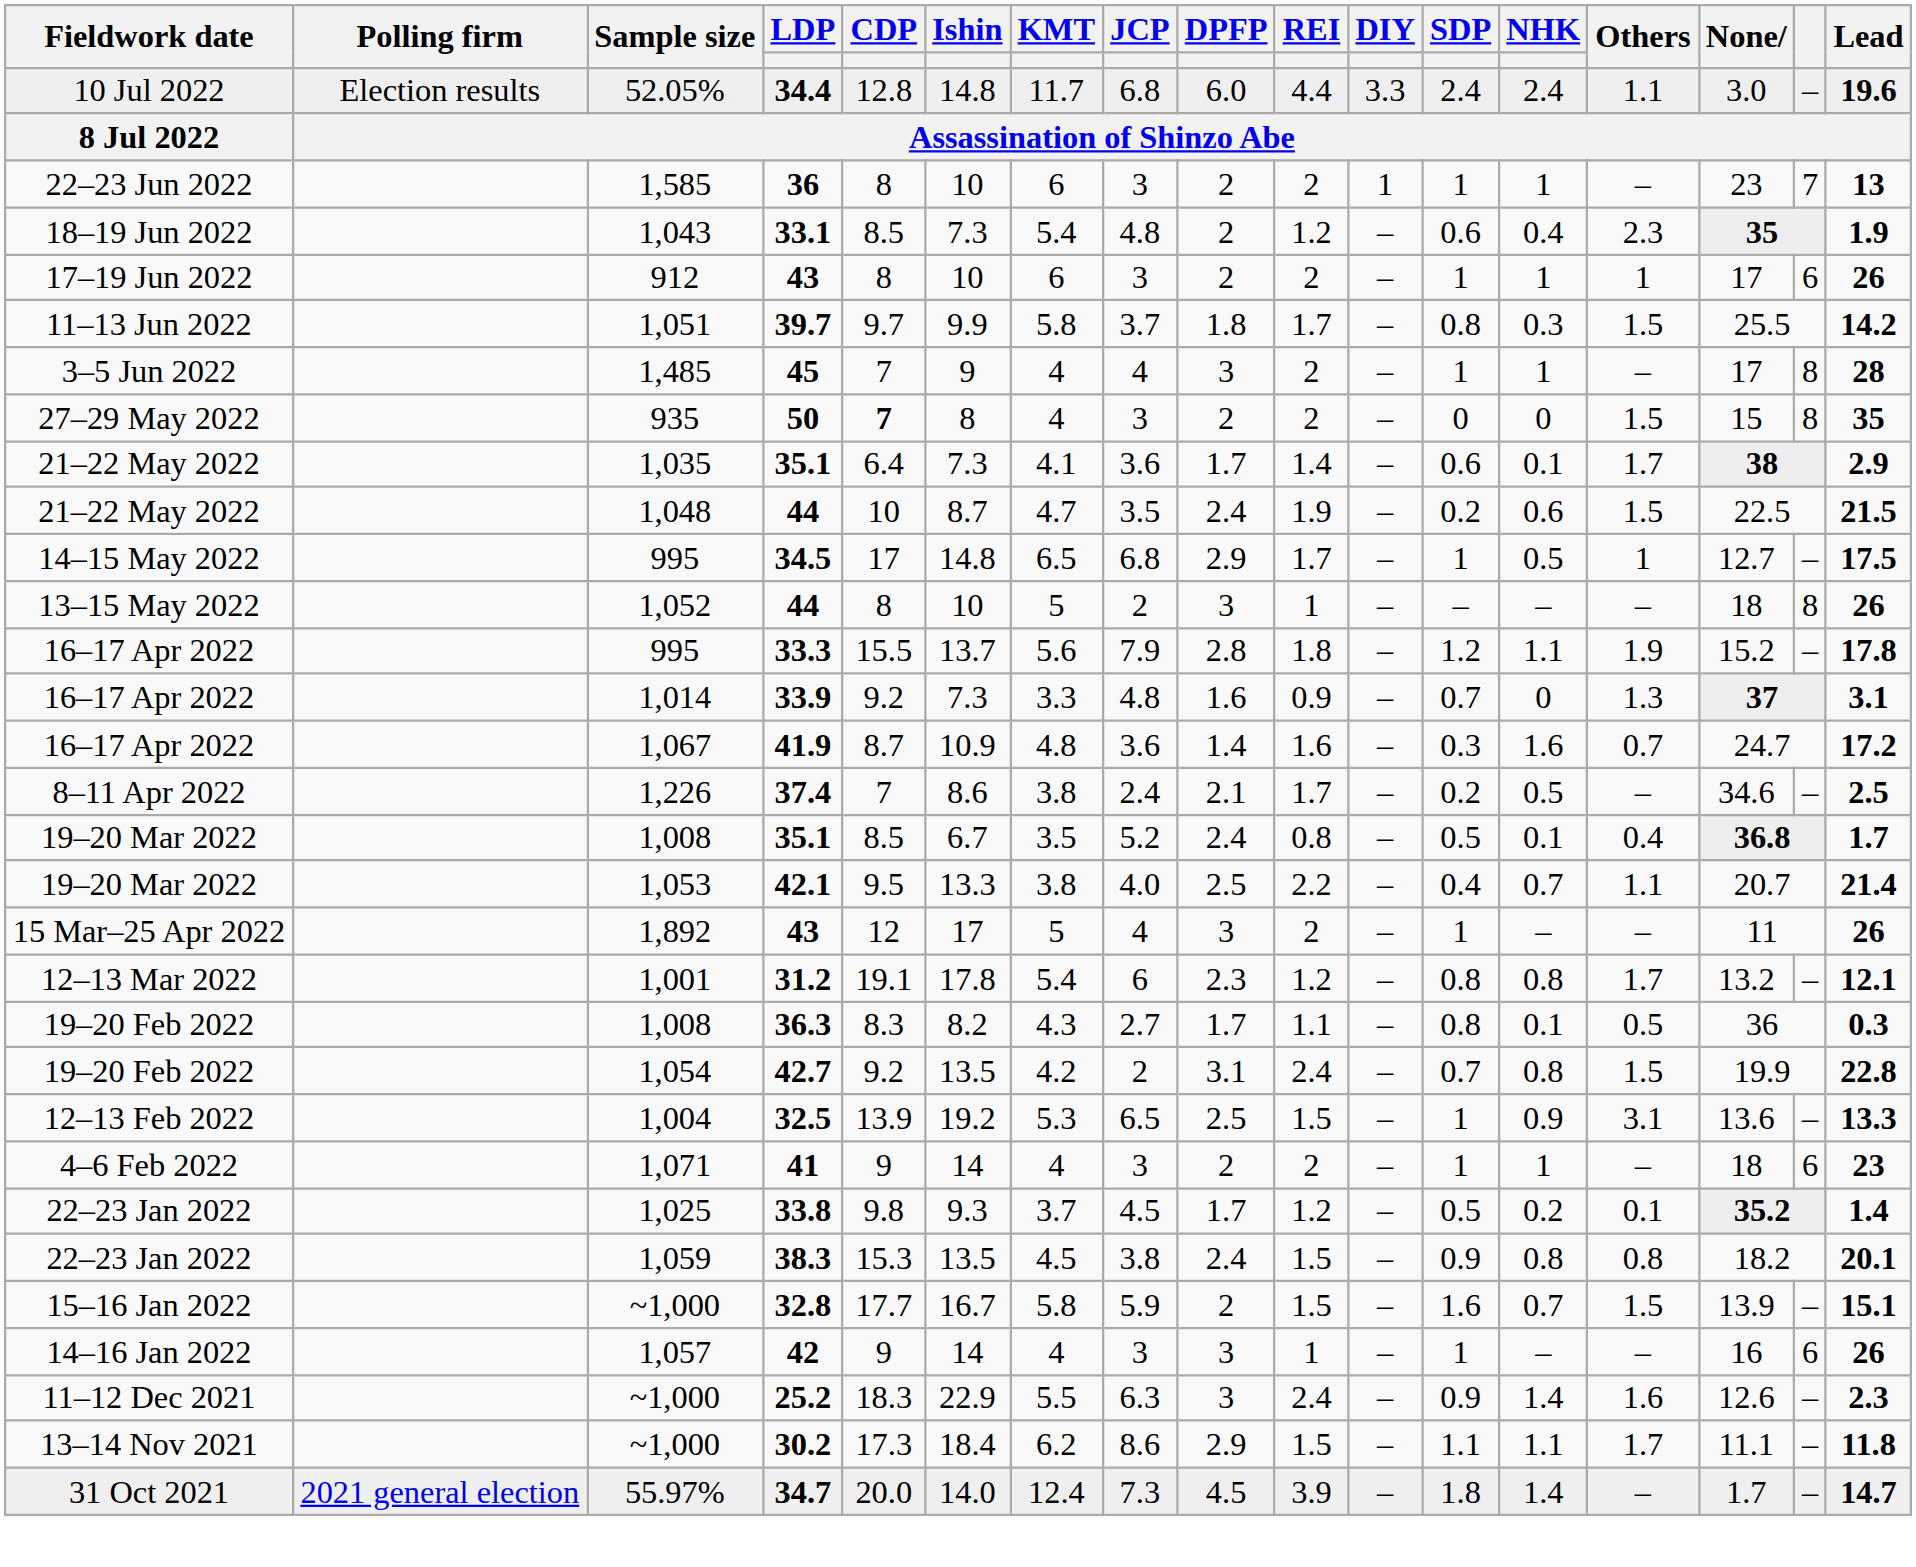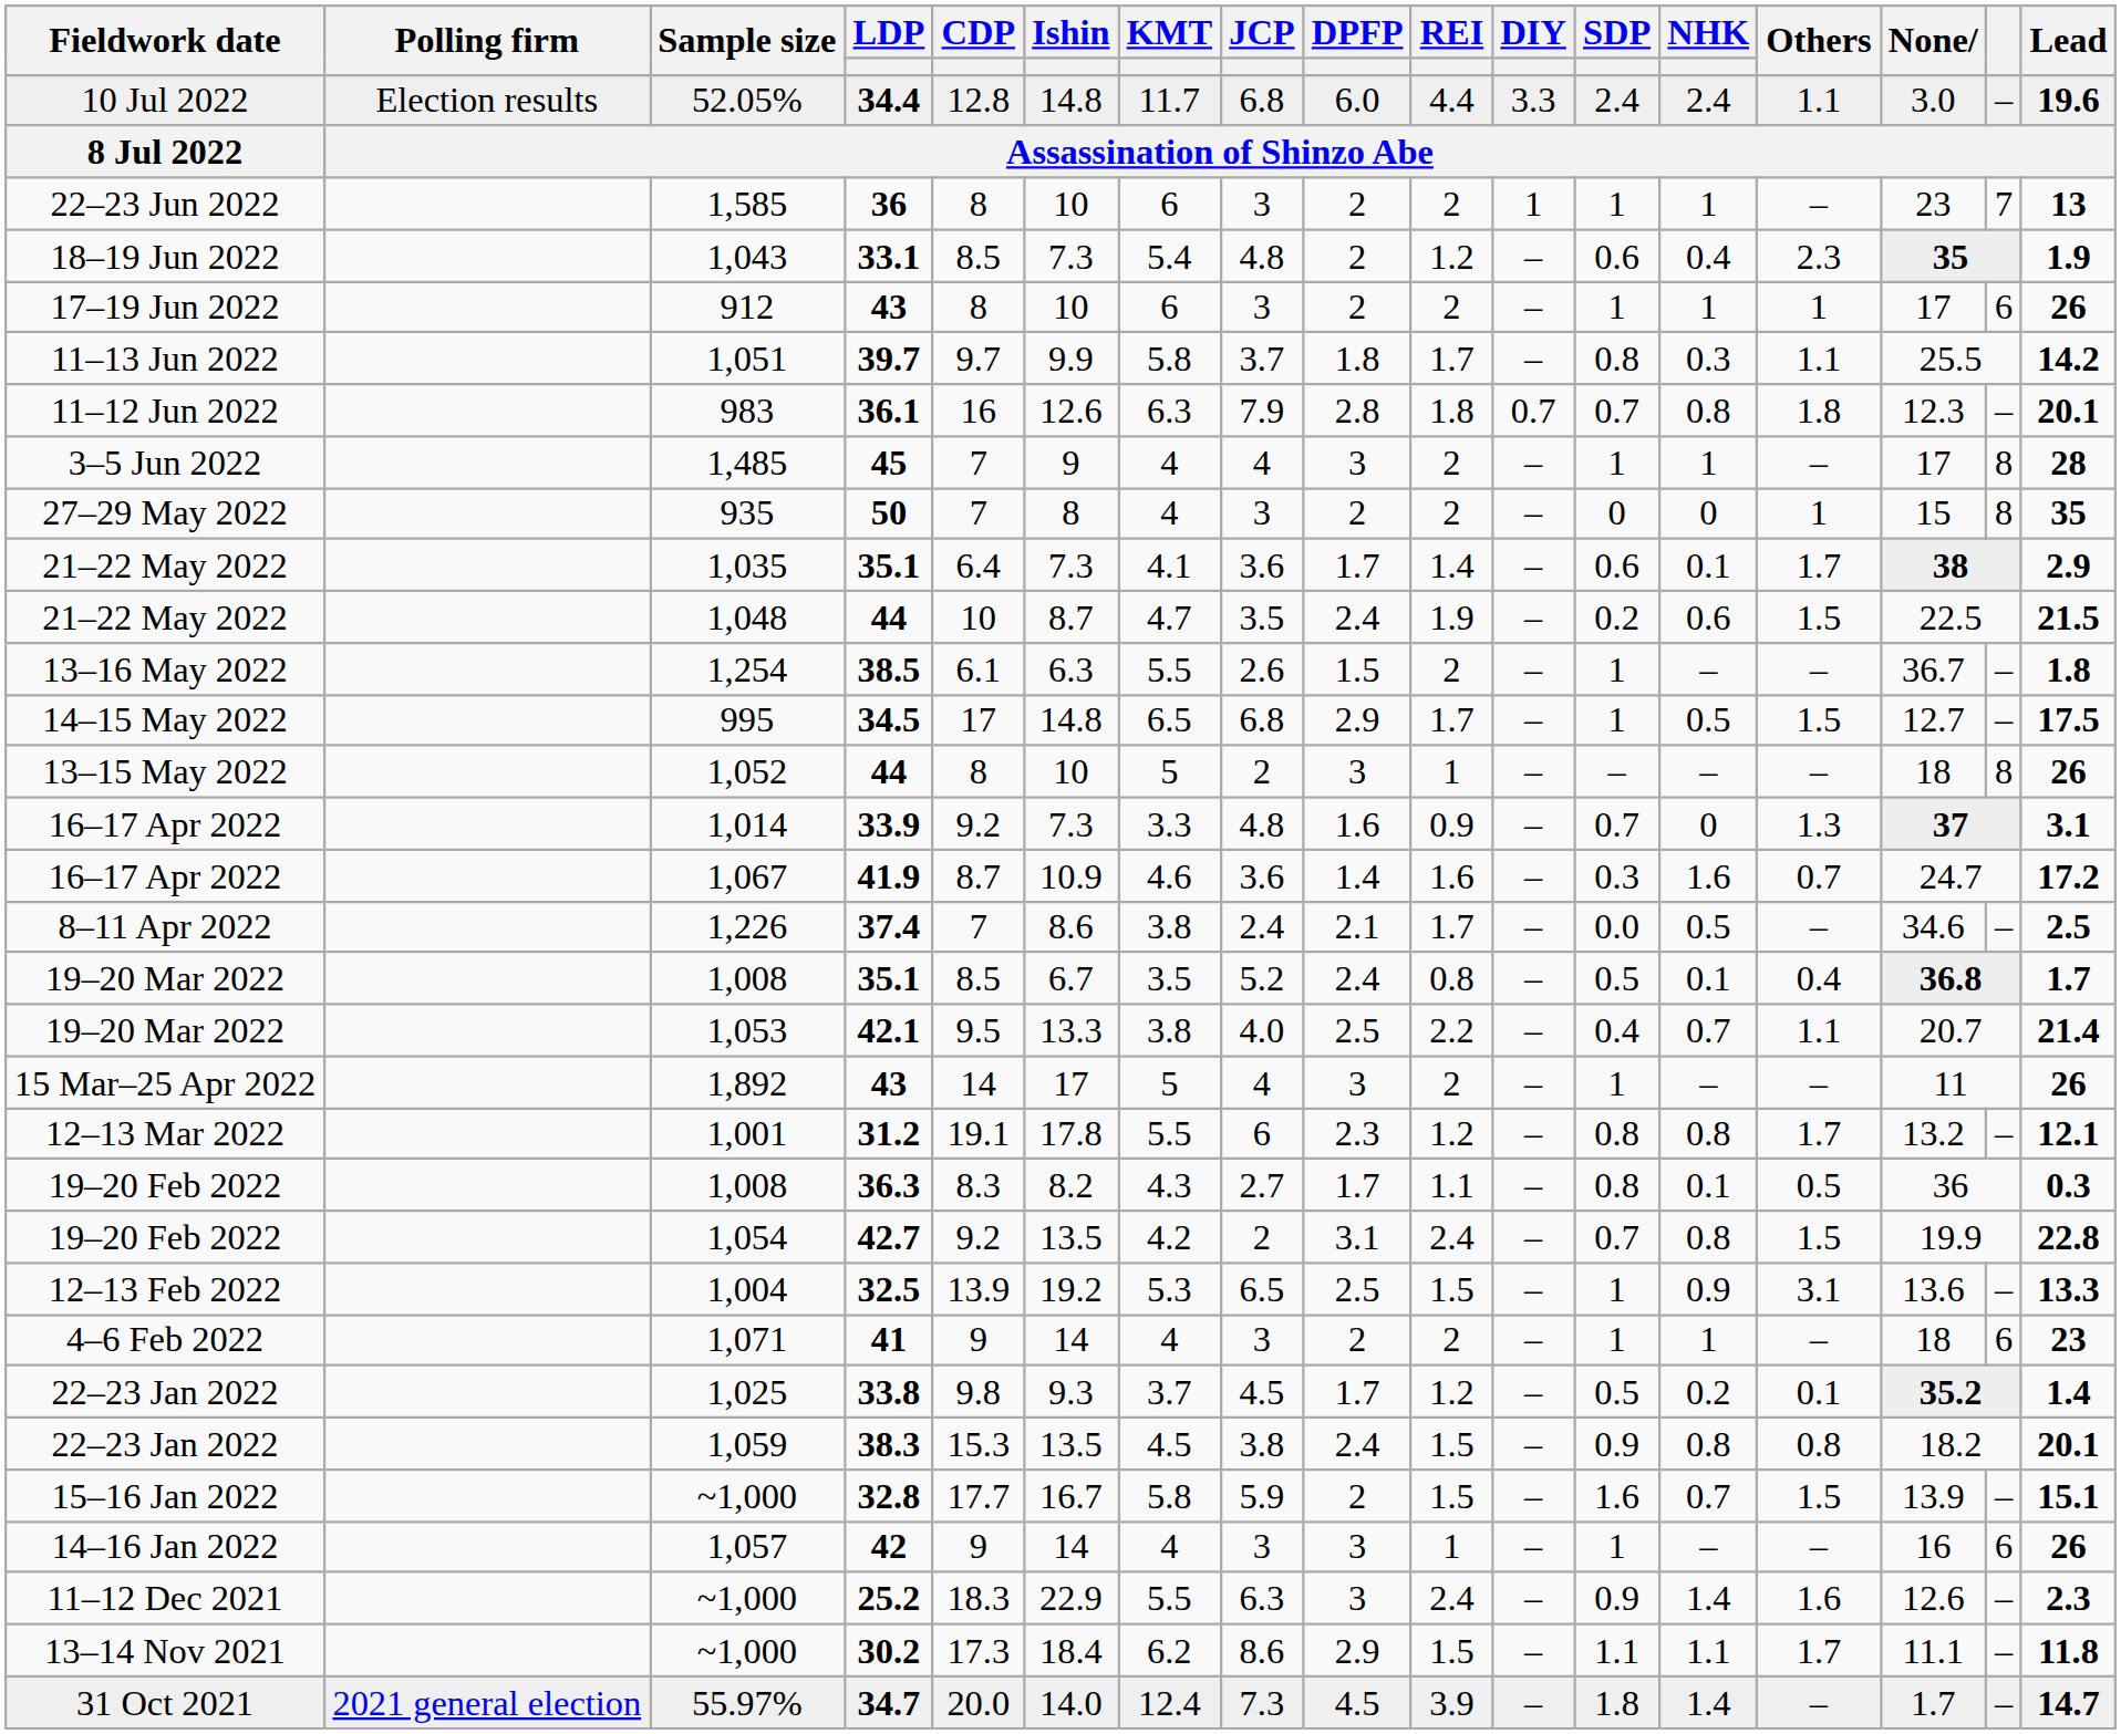 <table class="wikitable mw-datatable sortable mw-collapsible" style="text-align:center;font-size:90%;line-height:14px;">
 <tr>
 <th rowspan="2" class="unsortable">Fieldwork date</th>
 <th rowspan="2" class="unsortable">Polling firm</th>
 <th rowspan="2" class="unsortable">Sample size</th>
 <th class="unsortable"><a href='#'>LDP</a></th>
 <th class="unsortable"><a href='#'>CDP</a></th>
 <th class="unsortable"><a href='#'>Ishin</a></th>
 <th class="unsortable"><a href='#'>KMT</a></th>
 <th class="unsortable"><a href='#'>JCP</a></th>
 <th class="unsortable"><a href='#'>DPFP</a></th>
 <th class="unsortable"><a href='#'>REI</a></th>
 <th class="unsortable"><a href='#'>DIY</a></th>
 <th class="unsortable"><a href='#'>SDP</a></th>
 <th class="unsortable"><a href='#'>NHK</a></th>
 <th rowspan="2" class="unsortable">Others</th>
 <th rowspan="2" class="unsortable">None/</th>
 <th rowspan="2" class="unsortable"></th>
 <th rowspan="2" class="unsortable">Lead</th>
 </tr>
 <tr>
 <th style="background:"></th>
 <th style="background:"></th>
 <th style="background:"></th>
 <th style="background:"></th>
 <th style="background:"></th>
 <th style="background:"></th>
 <th style="background:"></th>
 <th style="background:"></th>
 <th style="background:"></th>
 <th style="background:"></th>
 </tr>
 <tr style="background:#EFEFEF;">
 <td data-sort-value="2021-10-31">10 Jul 2022</td>
 <td>Election results</td>
 <td>52.05%</td>
 <td><strong>34.4</strong></td>
 <td>12.8</td>
 <td>14.8</td>
 <td>11.7</td>
 <td>6.8</td>
 <td>6.0</td>
 <td>4.4</td>
 <td>3.3</td>
 <td>2.4</td>
 <td>2.4</td>
 <td>1.1</td>
 <td>3.0</td>
 <td>–</td>
 <td style="background:"><strong>19.6</strong></td>
 </tr>
 <tr>
 <th>8 Jul 2022</th>
 <th colspan="16"><a href='#'>Assassination of Shinzo Abe</a></th>
 </tr>
 <tr>
 <td>22–23 Jun 2022</td>
 <td></td>
 <td>1,585</td>
 <td><strong>36</strong></td>
 <td>8</td>
 <td>10</td>
 <td>6</td>
 <td>3</td>
 <td>2</td>
 <td>2</td>
 <td>1</td>
 <td>1</td>
 <td>1</td>
 <td>–</td>
 <td>23</td>
 <td>7</td>
 <td style="background:"><strong>13</strong></td>
 </tr>
 <tr>
 <td>18–19 Jun 2022</td>
 <td></td>
 <td>1,043</td>
 <td><strong>33.1</strong></td>
 <td>8.5</td>
 <td>7.3</td>
 <td>5.4</td>
 <td>4.8</td>
 <td>2</td>
 <td>1.2</td>
 <td>–</td>
 <td>0.6</td>
 <td>0.4</td>
 <td>2.3</td>
 <td colspan="2" style="background:#EEEEEE;"><strong>35</strong></td>
 <td style="background:"><strong>1.9</strong></td>
 </tr>
 <tr>
 <td>17–19 Jun 2022</td>
 <td></td>
 <td>912</td>
 <td><strong>43</strong></td>
 <td>8</td>
 <td>10</td>
 <td>6</td>
 <td>3</td>
 <td>2</td>
 <td>2</td>
 <td>–</td>
 <td>1</td>
 <td>1</td>
 <td>1</td>
 <td>17</td>
 <td>6</td>
 <td style="background:"><strong>26</strong></td>
 </tr>
 <tr>
 <td>11–13 Jun 2022</td>
 <td></td>
 <td>1,051</td>
 <td><strong>39.7</strong></td>
 <td>9.7</td>
 <td>9.9</td>
 <td>5.8</td>
 <td>3.7</td>
 <td>1.8</td>
 <td>1.7</td>
 <td>–</td>
 <td>0.8</td>
 <td>0.3</td>
-<td>1.5</td>
+<td>1.1</td>
 <td colspan="2">25.5</td>
 <td style="background:"><strong>14.2</strong></td>
+</tr>
+<tr>
+<td>11–12 Jun 2022</td>
+<td></td>
+<td>983</td>
+<td><strong>36.1</strong></td>
+<td>16</td>
+<td>12.6</td>
+<td>6.3</td>
+<td>7.9</td>
+<td>2.8</td>
+<td>1.8</td>
+<td>0.7</td>
+<td>0.7</td>
+<td>0.8</td>
+<td>1.8</td>
+<td>12.3</td>
+<td>–</td>
+<td style="background:"><strong>20.1</strong></td>
 </tr>
 <tr>
 <td>3–5 Jun 2022</td>
 <td></td>
 <td>1,485</td>
 <td><strong>45</strong></td>
 <td>7</td>
 <td>9</td>
 <td>4</td>
 <td>4</td>
 <td>3</td>
 <td>2</td>
 <td>–</td>
 <td>1</td>
 <td>1</td>
 <td>–</td>
 <td>17</td>
 <td>8</td>
 <td style="background:"><strong>28</strong></td>
 </tr>
 <tr>
 <td>27–29 May 2022</td>
 <td></td>
 <td>935</td>
 <td><strong>50</strong></td>
-<td><strong>7</strong></td>
+<td>7</td>
 <td>8</td>
 <td>4</td>
 <td>3</td>
 <td>2</td>
 <td>2</td>
 <td>–</td>
 <td>0</td>
 <td>0</td>
-<td>1.5</td>
+<td>1</td>
 <td>15</td>
 <td>8</td>
 <td style="background:"><strong>35</strong></td>
 </tr>
 <tr>
 <td>21–22 May 2022</td>
 <td></td>
 <td>1,035</td>
 <td><strong>35.1</strong></td>
 <td>6.4</td>
 <td>7.3</td>
 <td>4.1</td>
 <td>3.6</td>
 <td>1.7</td>
 <td>1.4</td>
 <td>–</td>
 <td>0.6</td>
 <td>0.1</td>
 <td>1.7</td>
 <td colspan="2" style="background:#EEEEEE;"><strong>38</strong></td>
 <td style="background:"><strong>2.9</strong></td>
 </tr>
 <tr>
 <td>21–22 May 2022</td>
 <td></td>
 <td>1,048</td>
 <td><strong>44</strong></td>
 <td>10</td>
 <td>8.7</td>
 <td>4.7</td>
 <td>3.5</td>
 <td>2.4</td>
 <td>1.9</td>
 <td>–</td>
 <td>0.2</td>
 <td>0.6</td>
 <td>1.5</td>
 <td colspan="2">22.5</td>
 <td style="background:"><strong>21.5</strong></td>
 </tr>
 <tr>
+<td>13–16 May 2022</td>
+<td></td>
+<td>1,254</td>
+<td><strong>38.5</strong></td>
+<td>6.1</td>
+<td>6.3</td>
+<td>5.5</td>
+<td>2.6</td>
+<td>1.5</td>
+<td>2</td>
+<td>–</td>
+<td>1</td>
+<td>–</td>
+<td>–</td>
+<td>36.7</td>
+<td>–</td>
+<td style="background:"><strong>1.8</strong></td>
+</tr>
+<tr>
 <td>14–15 May 2022</td>
 <td></td>
 <td>995</td>
 <td><strong>34.5</strong></td>
 <td>17</td>
 <td>14.8</td>
 <td>6.5</td>
 <td>6.8</td>
 <td>2.9</td>
 <td>1.7</td>
 <td>–</td>
 <td>1</td>
 <td>0.5</td>
-<td>1</td>
+<td>1.5</td>
 <td>12.7</td>
 <td>–</td>
 <td style="background:"><strong>17.5</strong></td>
 </tr>
 <tr>
 <td>13–15 May 2022</td>
 <td></td>
 <td>1,052</td>
 <td><strong>44</strong></td>
 <td>8</td>
 <td>10</td>
 <td>5</td>
 <td>2</td>
 <td>3</td>
 <td>1</td>
 <td>–</td>
 <td>–</td>
 <td>–</td>
 <td>–</td>
 <td>18</td>
 <td>8</td>
 <td style="background:"><strong>26</strong></td>
 </tr>
 <tr>
 <td>16–17 Apr 2022</td>
 <td></td>
-<td>995</td>
-<td><strong>33.3</strong></td>
-<td>15.5</td>
-<td>13.7</td>
-<td>5.6</td>
-<td>7.9</td>
-<td>2.8</td>
-<td>1.8</td>
-<td>–</td>
-<td>1.2</td>
-<td>1.1</td>
-<td>1.9</td>
-<td>15.2</td>
-<td>–</td>
-<td style="background:"><strong>17.8</strong></td>
-</tr>
-<tr>
-<td>16–17 Apr 2022</td>
-<td></td>
 <td>1,014</td>
 <td><strong>33.9</strong></td>
 <td>9.2</td>
 <td>7.3</td>
 <td>3.3</td>
 <td>4.8</td>
 <td>1.6</td>
 <td>0.9</td>
 <td>–</td>
 <td>0.7</td>
 <td>0</td>
 <td>1.3</td>
 <td colspan="2" style="background:#EEEEEE;"><strong>37</strong></td>
 <td style="background:"><strong>3.1</strong></td>
 </tr>
 <tr>
 <td>16–17 Apr 2022</td>
 <td></td>
 <td>1,067</td>
 <td><strong>41.9</strong></td>
 <td>8.7</td>
 <td>10.9</td>
-<td>4.8</td>
+<td>4.6</td>
 <td>3.6</td>
 <td>1.4</td>
 <td>1.6</td>
 <td>–</td>
 <td>0.3</td>
 <td>1.6</td>
 <td>0.7</td>
 <td colspan="2">24.7</td>
 <td style="background:"><strong>17.2</strong></td>
 </tr>
 <tr>
 <td>8–11 Apr 2022</td>
 <td></td>
 <td>1,226</td>
 <td><strong>37.4</strong></td>
 <td>7</td>
 <td>8.6</td>
 <td>3.8</td>
 <td>2.4</td>
 <td>2.1</td>
 <td>1.7</td>
 <td>–</td>
-<td>0.2</td>
+<td>0.0</td>
 <td>0.5</td>
 <td>–</td>
 <td>34.6</td>
 <td>–</td>
 <td style="background:"><strong>2.5</strong></td>
 </tr>
 <tr>
 <td>19–20 Mar 2022</td>
 <td></td>
 <td>1,008</td>
 <td><strong>35.1</strong></td>
 <td>8.5</td>
 <td>6.7</td>
 <td>3.5</td>
 <td>5.2</td>
 <td>2.4</td>
 <td>0.8</td>
 <td>–</td>
 <td>0.5</td>
 <td>0.1</td>
 <td>0.4</td>
 <td colspan="2" style="background:#EEEEEE;"><strong>36.8</strong></td>
 <td style="background:"><strong>1.7</strong></td>
 </tr>
 <tr>
 <td>19–20 Mar 2022</td>
 <td></td>
 <td>1,053</td>
 <td><strong>42.1</strong></td>
 <td>9.5</td>
 <td>13.3</td>
 <td>3.8</td>
 <td>4.0</td>
 <td>2.5</td>
 <td>2.2</td>
 <td>–</td>
 <td>0.4</td>
 <td>0.7</td>
 <td>1.1</td>
 <td colspan="2">20.7</td>
 <td style="background:"><strong>21.4</strong></td>
 </tr>
 <tr>
 <td>15 Mar–25 Apr 2022</td>
 <td></td>
 <td>1,892</td>
 <td><strong>43</strong></td>
-<td>12</td>
+<td>14</td>
 <td>17</td>
 <td>5</td>
 <td>4</td>
 <td>3</td>
 <td>2</td>
 <td>–</td>
 <td>1</td>
 <td>–</td>
 <td>–</td>
 <td colspan="2">11</td>
 <td style="background:"><strong>26</strong></td>
 </tr>
 <tr>
 <td>12–13 Mar 2022</td>
 <td></td>
 <td>1,001</td>
 <td><strong>31.2</strong></td>
 <td>19.1</td>
 <td>17.8</td>
-<td>5.4</td>
+<td>5.5</td>
 <td>6</td>
 <td>2.3</td>
 <td>1.2</td>
 <td>–</td>
 <td>0.8</td>
 <td>0.8</td>
 <td>1.7</td>
 <td>13.2</td>
 <td>–</td>
 <td style="background:"><strong>12.1</strong></td>
 </tr>
 <tr>
 <td>19–20 Feb 2022</td>
 <td></td>
 <td>1,008</td>
 <td><strong>36.3</strong></td>
 <td>8.3</td>
 <td>8.2</td>
 <td>4.3</td>
 <td>2.7</td>
 <td>1.7</td>
 <td>1.1</td>
 <td>–</td>
 <td>0.8</td>
 <td>0.1</td>
 <td>0.5</td>
 <td colspan="2">36</td>
 <td style="background:"><strong>0.3</strong></td>
 </tr>
 <tr>
 <td>19–20 Feb 2022</td>
 <td></td>
 <td>1,054</td>
 <td><strong>42.7</strong></td>
 <td>9.2</td>
 <td>13.5</td>
 <td>4.2</td>
 <td>2</td>
 <td>3.1</td>
 <td>2.4</td>
 <td>–</td>
 <td>0.7</td>
 <td>0.8</td>
 <td>1.5</td>
 <td colspan="2">19.9</td>
 <td style="background:"><strong>22.8</strong></td>
 </tr>
 <tr>
 <td>12–13 Feb 2022</td>
 <td></td>
 <td>1,004</td>
 <td><strong>32.5</strong></td>
 <td>13.9</td>
 <td>19.2</td>
 <td>5.3</td>
 <td>6.5</td>
 <td>2.5</td>
 <td>1.5</td>
 <td>–</td>
 <td>1</td>
 <td>0.9</td>
 <td>3.1</td>
 <td>13.6</td>
 <td>–</td>
 <td style="background:"><strong>13.3</strong></td>
 </tr>
 <tr>
 <td>4–6 Feb 2022</td>
 <td></td>
 <td>1,071</td>
 <td><strong>41</strong></td>
 <td>9</td>
 <td>14</td>
 <td>4</td>
 <td>3</td>
 <td>2</td>
 <td>2</td>
 <td>–</td>
 <td>1</td>
 <td>1</td>
 <td>–</td>
 <td>18</td>
 <td>6</td>
 <td style="background:"><strong>23</strong></td>
 </tr>
 <tr>
 <td>22–23 Jan 2022</td>
 <td></td>
 <td>1,025</td>
 <td><strong>33.8</strong></td>
 <td>9.8</td>
 <td>9.3</td>
 <td>3.7</td>
 <td>4.5</td>
 <td>1.7</td>
 <td>1.2</td>
 <td>–</td>
 <td>0.5</td>
 <td>0.2</td>
 <td>0.1</td>
 <td colspan="2" style="background:#EEEEEE;"><strong>35.2</strong></td>
 <td style="background:"><strong>1.4</strong></td>
 </tr>
 <tr>
 <td>22–23 Jan 2022</td>
 <td></td>
 <td>1,059</td>
 <td><strong>38.3</strong></td>
 <td>15.3</td>
 <td>13.5</td>
 <td>4.5</td>
 <td>3.8</td>
 <td>2.4</td>
 <td>1.5</td>
 <td>–</td>
 <td>0.9</td>
 <td>0.8</td>
 <td>0.8</td>
 <td colspan="2">18.2</td>
 <td style="background:"><strong>20.1</strong></td>
 </tr>
 <tr>
 <td>15–16 Jan 2022</td>
 <td></td>
 <td>~1,000</td>
 <td><strong>32.8</strong></td>
 <td>17.7</td>
 <td>16.7</td>
 <td>5.8</td>
 <td>5.9</td>
 <td>2</td>
 <td>1.5</td>
 <td>–</td>
 <td>1.6</td>
 <td>0.7</td>
 <td>1.5</td>
 <td>13.9</td>
 <td>–</td>
 <td style="background:"><strong>15.1</strong></td>
 </tr>
 <tr>
 <td>14–16 Jan 2022</td>
 <td></td>
 <td>1,057</td>
 <td><strong>42</strong></td>
 <td>9</td>
 <td>14</td>
 <td>4</td>
 <td>3</td>
 <td>3</td>
 <td>1</td>
 <td>–</td>
 <td>1</td>
 <td>–</td>
 <td>–</td>
 <td>16</td>
 <td>6</td>
 <td style="background:"><strong>26</strong></td>
 </tr>
 <tr>
 <td>11–12 Dec 2021</td>
 <td></td>
 <td>~1,000</td>
 <td><strong>25.2</strong></td>
 <td>18.3</td>
 <td>22.9</td>
 <td>5.5</td>
 <td>6.3</td>
 <td>3</td>
 <td>2.4</td>
 <td>–</td>
 <td>0.9</td>
 <td>1.4</td>
 <td>1.6</td>
 <td>12.6</td>
 <td>–</td>
 <td style="background:"><strong>2.3</strong></td>
 </tr>
 <tr>
 <td>13–14 Nov 2021</td>
 <td></td>
 <td>~1,000</td>
 <td><strong>30.2</strong></td>
 <td>17.3</td>
 <td>18.4</td>
 <td>6.2</td>
 <td>8.6</td>
 <td>2.9</td>
 <td>1.5</td>
 <td>–</td>
 <td>1.1</td>
 <td>1.1</td>
 <td>1.7</td>
 <td>11.1</td>
 <td>–</td>
 <td style="background:"><strong>11.8</strong></td>
 </tr>
 <tr style="background:#EFEFEF;">
 <td data-sort-value="2021-10-31">31 Oct 2021</td>
 <td><a href='#'>2021 general election</a></td>
 <td>55.97%</td>
 <td><strong>34.7</strong></td>
 <td>20.0</td>
 <td>14.0</td>
 <td>12.4</td>
 <td>7.3</td>
 <td>4.5</td>
 <td>3.9</td>
 <td>–</td>
 <td>1.8</td>
 <td>1.4</td>
 <td>–</td>
 <td>1.7</td>
 <td>–</td>
 <td style="background:"><strong>14.7</strong></td>
 </tr>
 </table>
